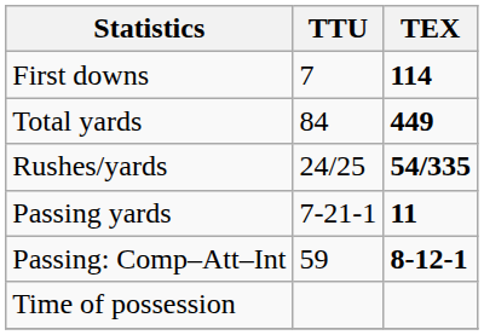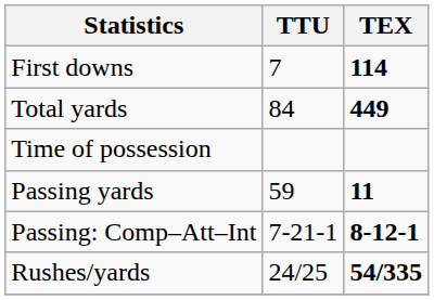 <table class="wikitable" style="float: left;">
 <tr>
 <th>Statistics</th>
 <th>TTU</th>
 <th>TEX</th>
 </tr>
 <tr>
 <td>First downs</td>
 <td>7</td>
 <td><strong>114</strong></td>
 </tr>
 <tr>
 <td>Total yards</td>
 <td>84</td>
 <td><strong>449</strong></td>
 </tr>
 <tr>
+<td>Time of possession</td>
+<td></td>
+<td></td>
+</tr>
+<tr>
+<td>Passing yards</td>
+<td>59</td>
+<td><strong>11</strong></td>
+</tr>
+<tr>
+<td>Passing: Comp–Att–Int</td>
+<td>7-21-1</td>
+<td><strong>8-12-1</strong></td>
+</tr>
+<tr>
 <td>Rushes/yards</td>
 <td>24/25</td>
 <td><strong>54/335</strong></td>
 </tr>
 <tr>
-<td>Passing yards</td>
-<td>7-21-1</td>
-<td><strong>11</strong></td>
-</tr>
-<tr>
-<td>Passing: Comp–Att–Int</td>
-<td>59</td>
-<td><strong>8-12-1</strong></td>
-</tr>
-<tr>
-<td>Time of possession</td>
-<td></td>
-<td></td>
-</tr>
-<tr>
 </tr>
 </table>
